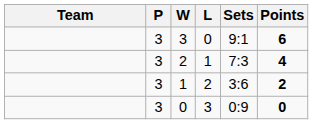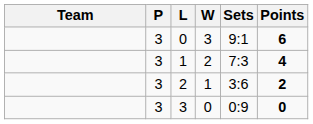 <table class="wikitable" style="text-align:center;">
 <tr>
 <th width=150>Team</th>
 <th width=20>P</th>
+<th width=20>L</th>
 <th width=20>W</th>
-<th width=20>L</th>
 <th width=20>Sets</th>
 <th width=20>Points</th>
 </tr>
 <tr>
 <td align="left"></td>
 <td>3</td>
+<td>0</td>
 <td>3</td>
-<td>0</td>
 <td>9:1</td>
 <td><strong>6</strong></td>
 </tr>
 <tr>
 <td align="left"></td>
 <td>3</td>
+<td>1</td>
 <td>2</td>
-<td>1</td>
 <td>7:3</td>
 <td><strong>4</strong></td>
 </tr>
 <tr>
 <td align="left"></td>
 <td>3</td>
+<td>2</td>
 <td>1</td>
-<td>2</td>
 <td>3:6</td>
 <td><strong>2</strong></td>
 </tr>
 <tr>
 <td align="left"></td>
 <td>3</td>
+<td>3</td>
 <td>0</td>
-<td>3</td>
 <td>0:9</td>
 <td><strong>0</strong></td>
 </tr>
 </table>
